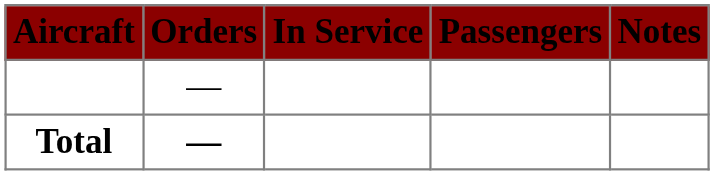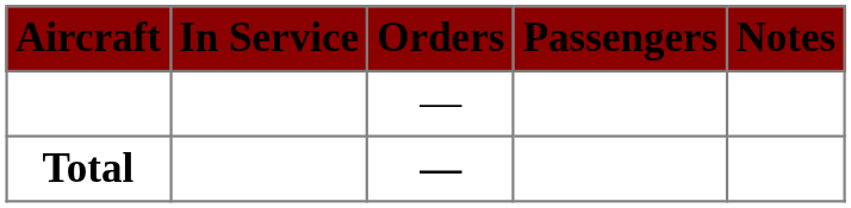 <table class="toccolours" border="1" cellpadding="3" style="margin:1em auto; border-collapse:collapse">
 <tr bgcolor=darkred>
 <th>Aircraft</th>
+<th>In Service</th>
 <th>Orders</th>
-<th>In Service</th>
 <th>Passengers</th>
 <th>Notes</th>
 </tr>
 <tr>
 <td></td>
+<td align="center"></td>
 <td align="center">—</td>
-<td align="center"></td>
 <td align="center"></td>
 <td></td>
 </tr>
 <tr>
 <td align="center"><strong>Total</strong></td>
+<th></th>
 <th>—</th>
-<th></th>
 <td></td>
 <td></td>
 </tr>
 </table>
